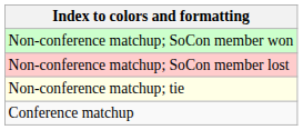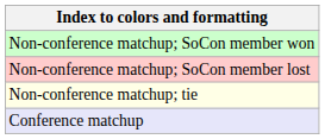 <table class="wikitable">
 <tr>
 <th>Index to colors and formatting</th>
 </tr>
 <tr bgcolor=#ccffcc>
 <td>Non-conference matchup; SoCon member won</td>
 </tr>
 <tr bgcolor=#ffcccc>
 <td>Non-conference matchup; SoCon member lost</td>
 </tr>
 <tr bgcolor=#ffffe6>
 <td>Non-conference matchup; tie</td>
 </tr>
 <tr>
-<td>Conference matchup</td>
+<td style="background: lavender;">Conference matchup</td>
 </tr>
 </table>
